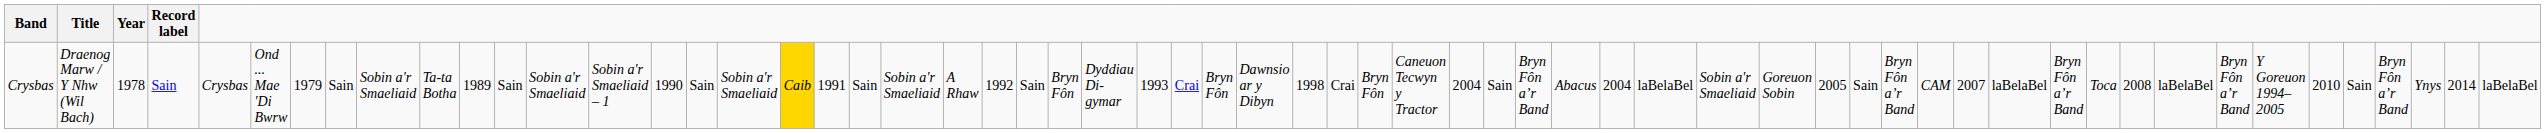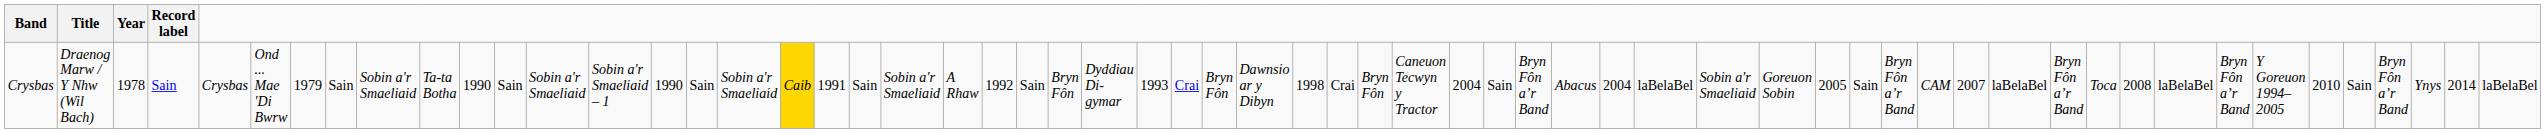 <table class="wikitable sortable plainrowheaders">
 <tr>
 <th>Band</th>
 <th>Title</th>
 <th>Year</th>
 <th>Record label</th>
 </tr>
 <tr>
 <td><em>Crysbas</em></td>
 <td><em>Draenog Marw / Y Nhw (Wil Bach)</em></td>
 <td>1978</td>
 <td><a href='#'>Sain</a></td>
 <td><em>Crysbas</em></td>
 <td><em>Ond ... Mae 'Di Bwrw</em></td>
 <td>1979</td>
 <td>Sain</td>
 <td><em>Sobin a'r Smaeliaid</em></td>
 <td><em>Ta-ta Botha</em></td>
-<td>1989</td>
+<td>1990</td>
 <td>Sain</td>
 <td><em>Sobin a'r Smaeliaid</em></td>
 <td rowspan=2><em>Sobin a'r Smaeliaid – 1</em></td>
 <td rowspan=2>1990</td>
 <td rowspan=2>Sain</td>
 <td><em>Sobin a'r Smaeliaid</em></td>
 <td style="background: gold;"><em>Caib</em></td>
 <td>1991</td>
 <td>Sain</td>
 <td><em>Sobin a'r Smaeliaid</em></td>
 <td><em>A Rhaw</em></td>
 <td>1992</td>
 <td>Sain</td>
 <td><em>Bryn Fôn</em></td>
 <td><em>Dyddiau Di-gymar</em></td>
 <td>1993</td>
 <td><a href='#'>Crai</a></td>
 <td><em>Bryn Fôn</em></td>
 <td><em>Dawnsio ar y Dibyn</em></td>
 <td>1998</td>
 <td>Crai</td>
 <td><em>Bryn Fôn</em></td>
 <td><em>Caneuon Tecwyn y Tractor</em></td>
 <td>2004</td>
 <td>Sain</td>
 <td><em>Bryn Fôn a’r Band</em></td>
 <td><em>Abacus</em></td>
 <td>2004</td>
 <td>laBelaBel</td>
 <td><em>Sobin a'r Smaeliaid</em></td>
 <td><em>Goreuon Sobin</em></td>
 <td>2005</td>
 <td>Sain</td>
 <td><em>Bryn Fôn a’r Band</em></td>
 <td><em>CAM</em></td>
 <td>2007</td>
 <td>laBelaBel</td>
 <td><em>Bryn Fôn a’r Band</em></td>
 <td><em>Toca</em></td>
 <td>2008</td>
 <td>laBelaBel</td>
 <td><em>Bryn Fôn a’r Band</em></td>
 <td><em>Y Goreuon 1994–2005</em></td>
 <td>2010</td>
 <td>Sain</td>
 <td><em>Bryn Fôn a’r Band</em></td>
 <td><em>Ynys</em></td>
 <td>2014</td>
 <td>laBelaBel</td>
 </tr>
 </table>
